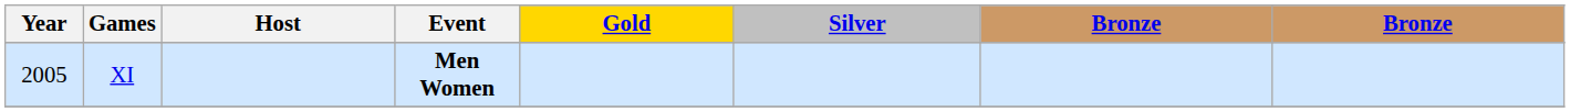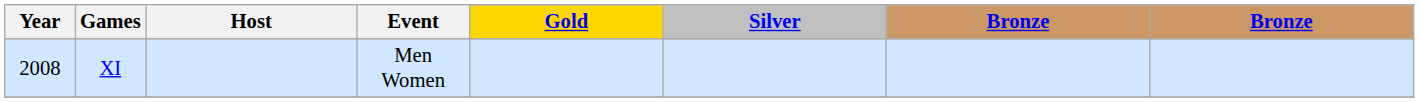 <table class="wikitable" style="text-align: center; font-size:95%;">
 <tr>
 <th rowspan="2" style="width:5%;">Year</th>
 <th rowspan="2" style="width:5%;">Games</th>
 <th rowspan="2" style="width:15%;">Host</th>
 <th rowspan="2" style="width:8%;">Event</th>
 </tr>
 <tr>
 <th style="background-color: gold"><a href='#'>Gold</a></th>
 <th style="background-color: silver"><a href='#'>Silver</a></th>
 <th style="background-color: #CC9966"><a href='#'>Bronze</a></th>
 <th style="background-color: #CC9966"><a href='#'>Bronze</a></th>
 </tr>
 <tr>
 </tr>
 <tr style="text-align:center; background:#d0e7ff;">
-<td>2005</td>
+<td>2008</td>
 <td align=center><a href='#'>XI</a></td>
 <td align="left"></td>
-<td><strong>Men <br> Women</strong></td>
+<td>Men <br> Women</td>
 <td align="left"> <br> </td>
 <td align="left"> <br> </td>
 <td align="left"> <br> </td>
 <td align="left"> <br> </td>
 </tr>
 <tr>
 </tr>
 </table>
